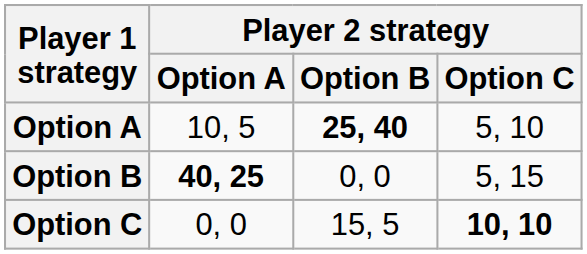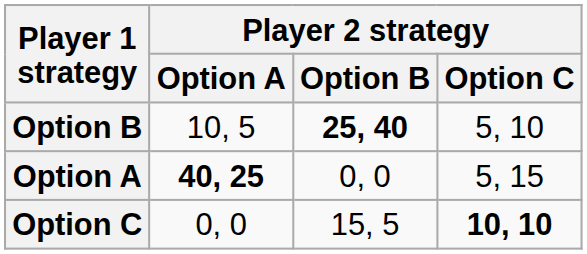 <table class="wikitable floatleft" style="text-align:center; font-size:95%; margin-right:1em; margin-bottom:1ex">
 <tr>
 <th scope="col" rowspan="2">Player 1<br> strategy</th>
 <th scope="col" colspan="3">Player 2 strategy</th>
 </tr>
 <tr>
 <th scope="col">Option A</th>
 <th scope="col">Option B</th>
 <th scope="col">Option C</th>
 </tr>
 <tr>
-<th scope="row">Option A</th>
+<th scope="row">Option B</th>
 <td>10, 5</td>
 <td><strong>25, 40</strong></td>
 <td>5, 10</td>
 </tr>
 <tr>
-<th scope="row">Option B</th>
+<th scope="row">Option A</th>
 <td><strong>40, 25</strong></td>
 <td>0, 0</td>
 <td>5, 15</td>
 </tr>
 <tr>
 <th scope="row">Option C</th>
 <td>0, 0</td>
 <td>15, 5</td>
 <td><strong>10, 10</strong></td>
 </tr>
 </table>
